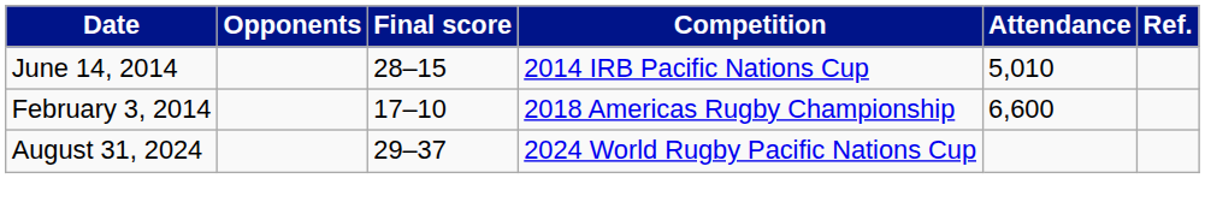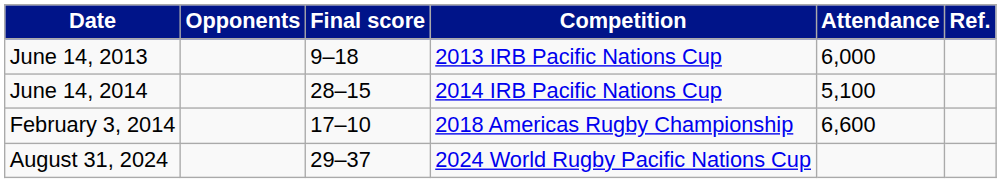 <table class="wikitable">
 <tr>
 <th style="text-align:center; background:#001489; color:white; ">Date</th>
 <th style="text-align:center; background:#001489; color:white; ">Opponents</th>
 <th style="text-align:center; background:#001489; color:white; ">Final score</th>
 <th style="text-align:center; background:#001489; color:white; ">Competition</th>
 <th style="text-align:center; background:#001489; color:white; ">Attendance</th>
 <th style="text-align:center; background:#001489; color:white; ">Ref.</th>
 </tr>
 <tr>
+<td>June 14, 2013</td>
+<td></td>
+<td>9–18</td>
+<td><a href='#'>2013 IRB Pacific Nations Cup</a></td>
+<td>6,000</td>
+<td></td>
+</tr>
+<tr>
 <td>June 14, 2014</td>
 <td></td>
 <td>28–15</td>
 <td><a href='#'>2014 IRB Pacific Nations Cup</a></td>
-<td>5,010</td>
+<td>5,100</td>
 <td></td>
 </tr>
 <tr>
 <td>February 3, 2014</td>
 <td></td>
 <td>17–10</td>
 <td><a href='#'>2018 Americas Rugby Championship</a></td>
 <td>6,600</td>
 <td></td>
 </tr>
 <tr>
 <td>August 31, 2024</td>
 <td></td>
 <td>29–37</td>
 <td><a href='#'>2024 World Rugby Pacific Nations Cup</a></td>
 <td></td>
 <td></td>
 </tr>
 </table>
